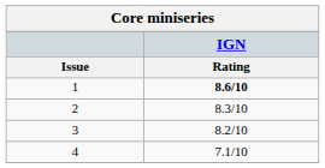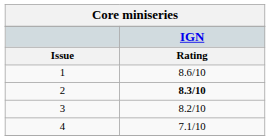 <table class="wikitable infobox" style="float: right; width: 24.2em; font-size: 80%; text-align: center; margin:0.5em 0 0.5em 1em; padding:0;" cellpadding="0" cellspacing="0" Matthew Mueller of comicbook.com gave the fourth issue 4 out of 5 stars.>
 <tr>
 <th colspan="4" style="font-size:120%;">Core miniseries</th>
 </tr>
 <tr>
 </tr>
 <tr>
 <th style="background:#d1dbdf;font-size:120%;"></th>
 <th style="background:#d1dbdf;font-size:120%;"><a href='#'>IGN</a></th>
 </tr>
 <tr>
 <th>Issue</th>
 <th colspan="2">Rating</th>
 </tr>
 <tr>
 <td>1</td>
-<td><strong>8.6/10</strong></td>
+<td>8.6/10</td>
 </tr>
 <tr>
 <td>2</td>
-<td>8.3/10</td>
+<td><strong>8.3/10</strong></td>
 </tr>
 <tr>
 <td>3</td>
 <td>8.2/10</td>
 </tr>
 <tr>
 <td>4</td>
 <td>7.1/10</td>
 </tr>
 <tr>
 </tr>
 </table>
